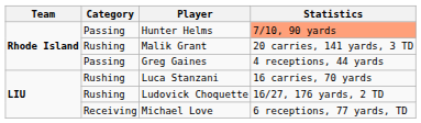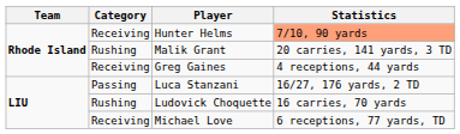 <table class="wikitable" style="float: right;">
 <tr>
 <th>Team</th>
 <th>Category</th>
 <th>Player</th>
 <th>Statistics</th>
 </tr>
 <tr>
 <td rowspan=3><strong>Rhode Island</strong></td>
-<td>Passing</td>
+<td>Receiving</td>
 <td>Hunter Helms</td>
 <td style="background: lightsalmon;">7/10, 90 yards</td>
 </tr>
 <tr>
 <td>Rushing</td>
 <td>Malik Grant</td>
 <td>20 carries, 141 yards, 3 TD</td>
 </tr>
 <tr>
-<td>Passing</td>
+<td>Receiving</td>
 <td>Greg Gaines</td>
 <td>4 receptions, 44 yards</td>
 </tr>
 <tr>
 <td rowspan=3><strong>LIU</strong></td>
-<td>Rushing</td>
+<td>Passing</td>
 <td>Luca Stanzani</td>
-<td>16 carries, 70 yards</td>
+<td>16/27, 176 yards, 2 TD</td>
 </tr>
 <tr>
 <td>Rushing</td>
 <td>Ludovick Choquette</td>
-<td>16/27, 176 yards, 2 TD</td>
+<td>16 carries, 70 yards</td>
 </tr>
 <tr>
 <td>Receiving</td>
 <td>Michael Love</td>
 <td>6 receptions, 77 yards, TD</td>
 </tr>
 </table>
